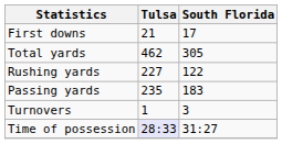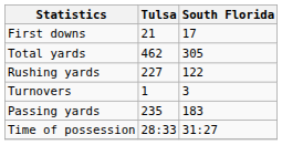 <table class="wikitable">
 <tr>
 <th>Statistics</th>
 <th>Tulsa</th>
 <th>South Florida</th>
 </tr>
 <tr>
 <td>First downs</td>
 <td>21</td>
 <td>17</td>
 </tr>
 <tr>
 <td>Total yards</td>
 <td>462</td>
 <td>305</td>
 </tr>
 <tr>
 <td>Rushing yards</td>
 <td>227</td>
 <td>122</td>
 </tr>
 <tr>
+<td>Turnovers</td>
+<td>1</td>
+<td>3</td>
+</tr>
+<tr>
 <td>Passing yards</td>
 <td>235</td>
 <td>183</td>
 </tr>
 <tr>
-<td>Turnovers</td>
-<td>1</td>
-<td>3</td>
-</tr>
-<tr>
 <td>Time of possession</td>
-<td style="background: lavender;">28:33</td>
+<td>28:33</td>
 <td>31:27</td>
 </tr>
 <tr>
 </tr>
 </table>
